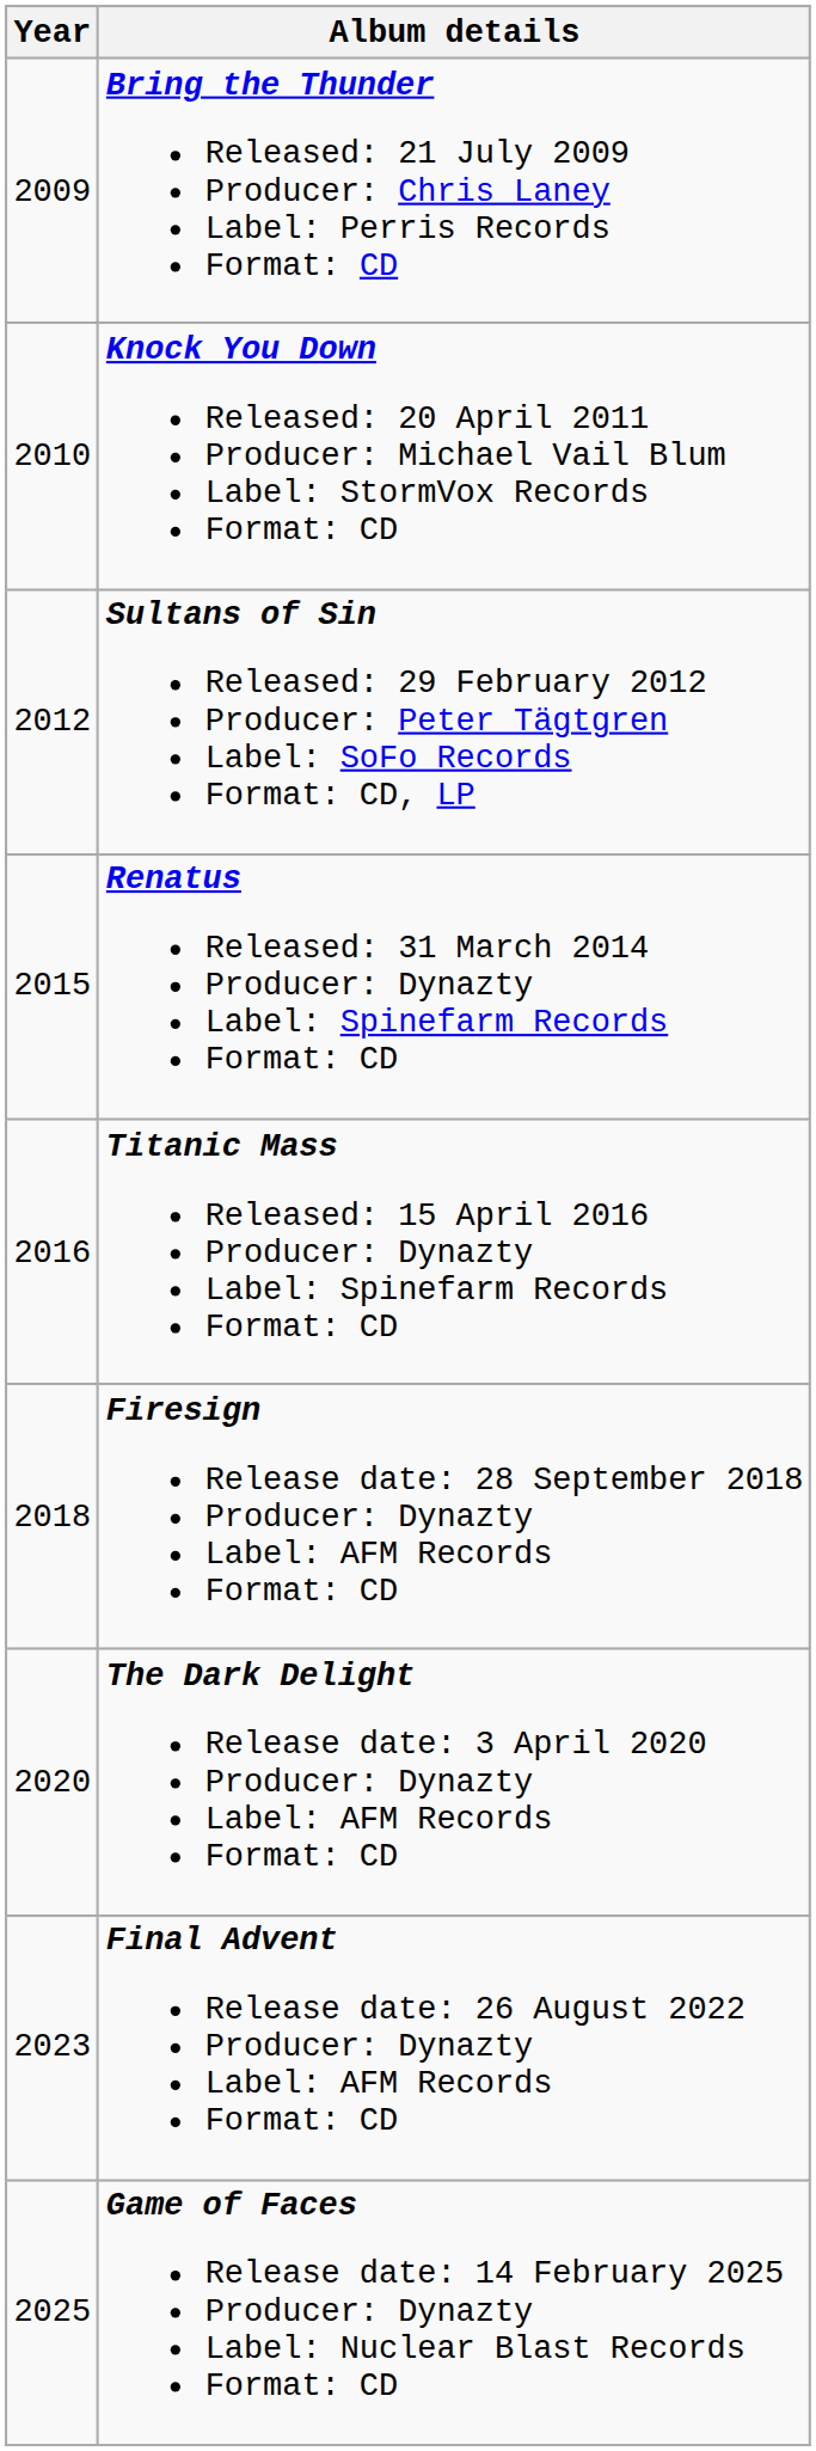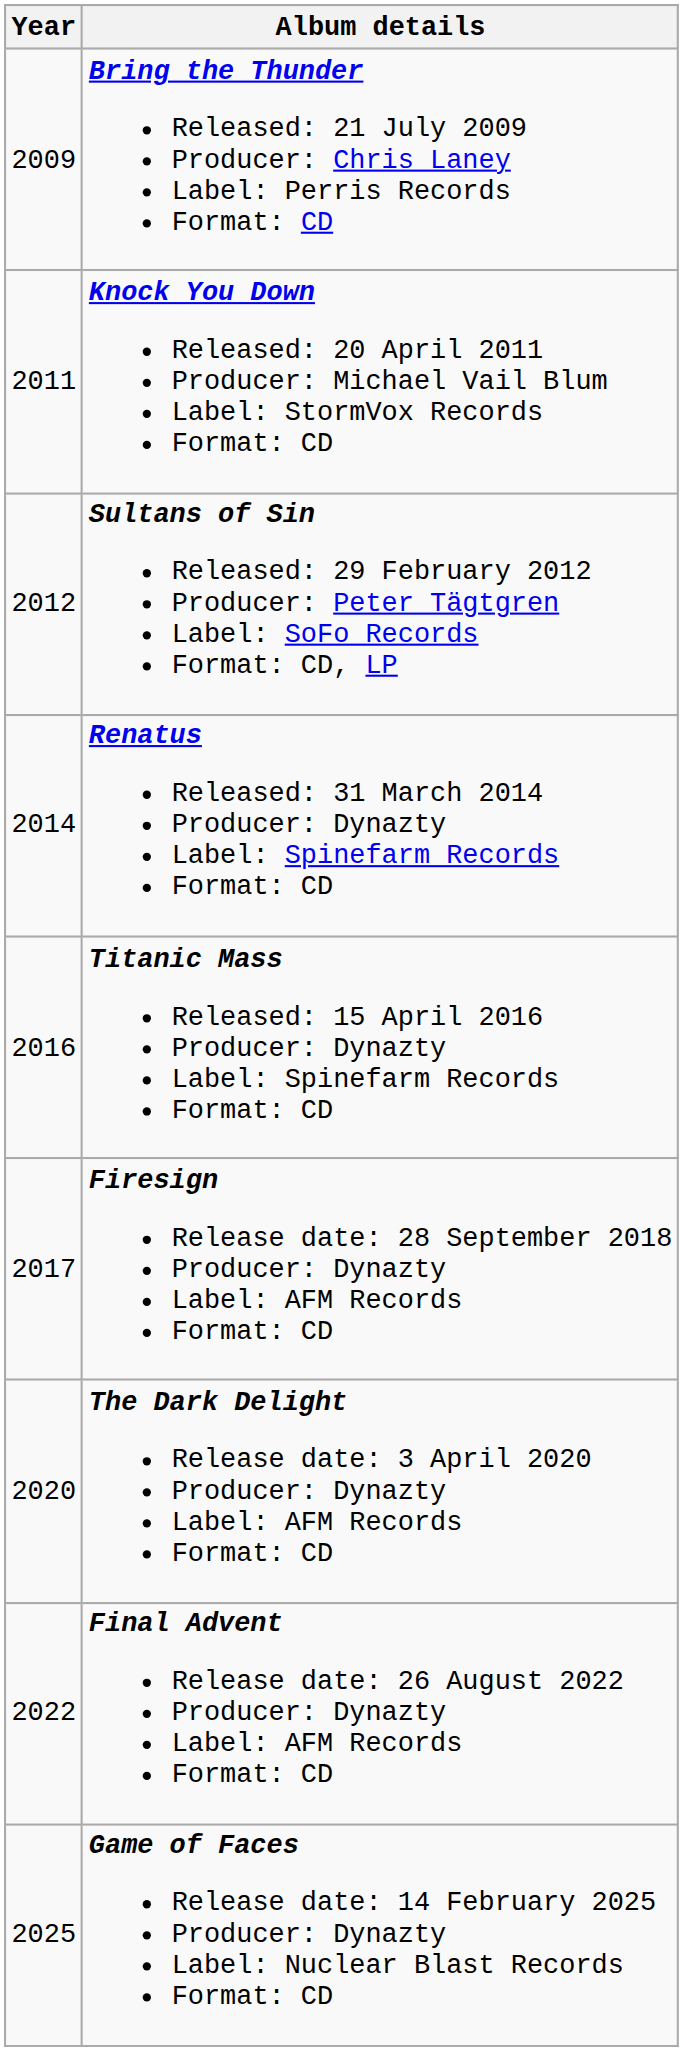 <table class="wikitable" style="text-align:center">
 <tr>
 <th>Year</th>
 <th>Album details</th>
 </tr>
 <tr>
 <td>2009</td>
 <td align="left"><strong><em><a href='#'>Bring the Thunder</a></em></strong><br><ul><li>Released: 21 July 2009</li><li>Producer: <a href='#'>Chris Laney</a></li><li>Label: Perris Records</li><li>Format: <a href='#'>CD</a></li></ul></td>
 </tr>
 <tr>
-<td>2010</td>
+<td>2011</td>
 <td align="left"><strong><em><a href='#'>Knock You Down</a></em></strong><br><ul><li>Released: 20 April 2011</li><li>Producer: Michael Vail Blum</li><li>Label: StormVox Records</li><li>Format: CD</li></ul></td>
 </tr>
 <tr>
 <td>2012</td>
 <td align="left"><strong><em>Sultans of Sin</em></strong><br><ul><li>Released: 29 February 2012</li><li>Producer: <a href='#'>Peter Tägtgren</a></li><li>Label: <a href='#'>SoFo Records</a></li><li>Format: CD, <a href='#'>LP</a></li></ul></td>
 </tr>
 <tr>
-<td>2015</td>
+<td>2014</td>
 <td align="left"><strong><em><a href='#'>Renatus</a></em></strong><br><ul><li>Released: 31 March 2014</li><li>Producer: Dynazty</li><li>Label: <a href='#'>Spinefarm Records</a></li><li>Format: CD</li></ul></td>
 </tr>
 <tr>
 <td>2016</td>
 <td align="left"><strong><em>Titanic Mass</em></strong><br><ul><li>Released: 15 April 2016</li><li>Producer: Dynazty</li><li>Label: Spinefarm Records</li><li>Format: CD</li></ul></td>
 </tr>
 <tr>
-<td>2018</td>
+<td>2017</td>
 <td align="left"><strong><em>Firesign</em></strong><br><ul><li>Release date: 28 September 2018</li><li>Producer: Dynazty</li><li>Label: AFM Records</li><li>Format: CD</li></ul></td>
 </tr>
 <tr>
 <td>2020</td>
 <td align="left"><strong><em>The Dark Delight</em></strong><br><ul><li>Release date: 3 April 2020</li><li>Producer: Dynazty</li><li>Label: AFM Records</li><li>Format: CD</li></ul></td>
 </tr>
 <tr>
-<td>2023</td>
+<td>2022</td>
 <td align="left"><strong><em>Final Advent</em></strong><br><ul><li>Release date: 26 August 2022</li><li>Producer: Dynazty</li><li>Label: AFM Records</li><li>Format: CD</li></ul></td>
 </tr>
 <tr>
 <td>2025</td>
 <td align="left"><strong><em>Game of Faces</em></strong><br><ul><li>Release date: 14 February 2025</li><li>Producer: Dynazty</li><li>Label: Nuclear Blast Records</li><li>Format: CD</li></ul></td>
 </tr>
 </table>
